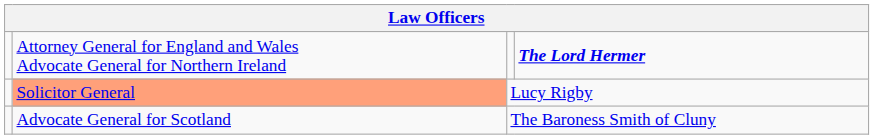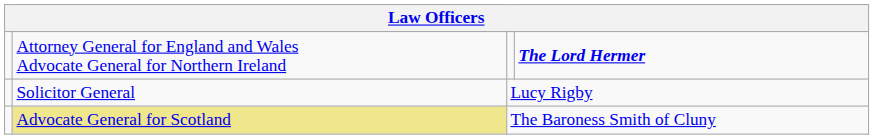 <table class="wikitable">
 <tr>
 <th colspan="4"><a href='#'>Law Officers</a></th>
 </tr>
 <tr>
 <td style="background: "></td>
 <td style="width: 450px;"><a href='#'>Attorney General for England and Wales</a><br><a href='#'>Advocate General for Northern Ireland</a></td>
 <td style="background: "></td>
 <td style="width: 320px;"><strong><em><a href='#'>The Lord Hermer</a></em></strong> </td>
 </tr>
 <tr>
 <td style="background: "></td>
-<td style="background: lightsalmon;"><a href='#'>Solicitor General</a></td>
+<td><a href='#'>Solicitor General</a></td>
 <td colspan="2"><a href='#'>Lucy Rigby</a></td>
 </tr>
 <tr>
 <td style="background: "></td>
-<td><a href='#'>Advocate General for Scotland</a></td>
+<td style="background: khaki;"><a href='#'>Advocate General for Scotland</a></td>
 <td colspan="2"><a href='#'>The Baroness Smith of Cluny</a> </td>
 </tr>
 </table>
